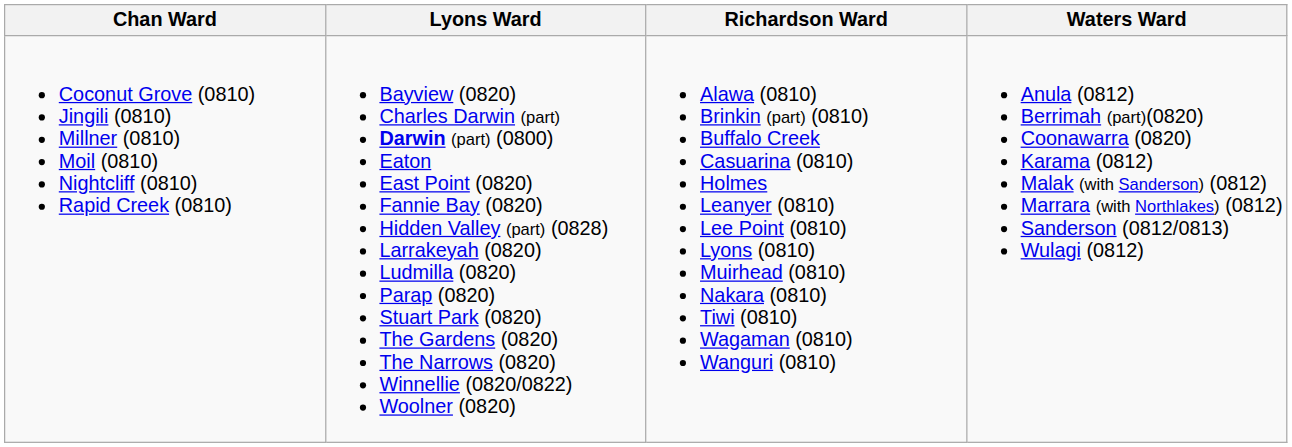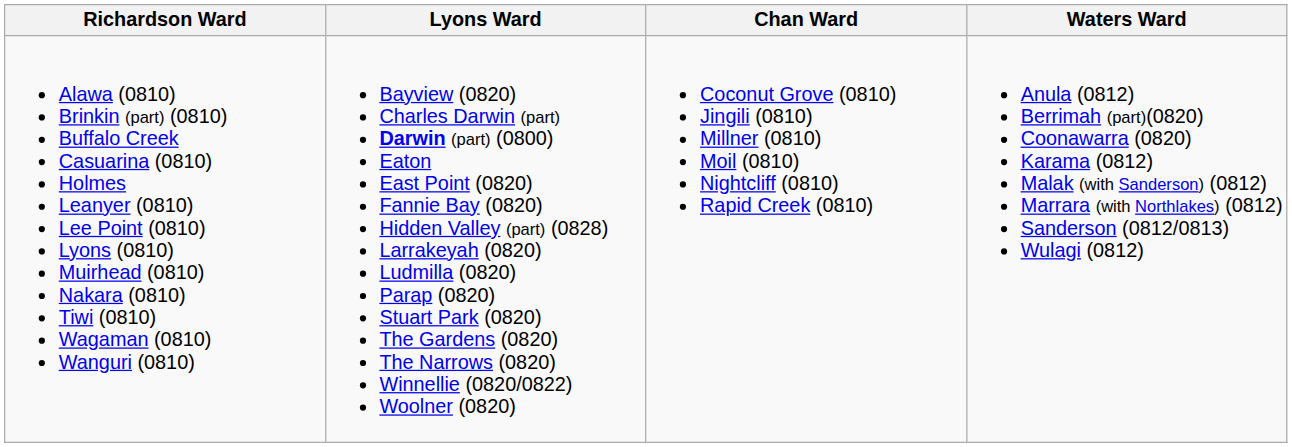 <table class=wikitable>
 <tr>
+<th>Richardson Ward</th>
+<th>Lyons Ward</th>
 <th>Chan Ward</th>
-<th>Lyons Ward</th>
-<th>Richardson Ward</th>
 <th>Waters Ward</th>
 </tr>
 <tr>
+<td width=25% valign=top><br><ul><li><a href='#'>Alawa</a>	(0810)</li><li><a href='#'>Brinkin</a> <small>(part)</small>	(0810)</li><li><a href='#'>Buffalo Creek</a></li><li><a href='#'>Casuarina</a>	(0810)</li><li><a href='#'>Holmes</a></li><li><a href='#'>Leanyer</a>	(0810)</li><li><a href='#'>Lee Point</a>	(0810)</li><li><a href='#'>Lyons</a>	(0810)</li><li><a href='#'>Muirhead</a>	(0810)</li><li><a href='#'>Nakara</a>	(0810)</li><li><a href='#'>Tiwi</a>	(0810)</li><li><a href='#'>Wagaman</a>	(0810)</li><li><a href='#'>Wanguri</a>	(0810)</li></ul></td>
+<td width=25% valign=top><br><ul><li><a href='#'>Bayview</a>	(0820)</li><li><a href='#'>Charles Darwin</a> <small>(part)</small></li><li><strong><a href='#'>Darwin</a></strong> <small>(part)</small>	(0800)</li><li><a href='#'>Eaton</a></li><li><a href='#'>East Point</a>	(0820)</li><li><a href='#'>Fannie Bay</a>	(0820)</li><li><a href='#'>Hidden Valley</a> <small>(part)</small>	(0828)</li><li><a href='#'>Larrakeyah</a>	(0820)</li><li><a href='#'>Ludmilla</a>	(0820)</li><li><a href='#'>Parap</a>	(0820)</li><li><a href='#'>Stuart Park</a>	(0820)</li><li><a href='#'>The Gardens</a>	(0820)</li><li><a href='#'>The Narrows</a>	(0820)</li><li><a href='#'>Winnellie</a>	(0820/0822)</li><li><a href='#'>Woolner</a>	(0820)</li></ul></td>
 <td width=25% valign=top><br><ul><li><a href='#'>Coconut Grove</a>	(0810)</li><li><a href='#'>Jingili</a>	(0810)</li><li><a href='#'>Millner</a>	(0810)</li><li><a href='#'>Moil</a>	(0810)</li><li><a href='#'>Nightcliff</a>	(0810)</li><li><a href='#'>Rapid Creek</a>	(0810)</li></ul></td>
-<td width=25% valign=top><br><ul><li><a href='#'>Bayview</a>	(0820)</li><li><a href='#'>Charles Darwin</a> <small>(part)</small></li><li><strong><a href='#'>Darwin</a></strong> <small>(part)</small>	(0800)</li><li><a href='#'>Eaton</a></li><li><a href='#'>East Point</a>	(0820)</li><li><a href='#'>Fannie Bay</a>	(0820)</li><li><a href='#'>Hidden Valley</a> <small>(part)</small>	(0828)</li><li><a href='#'>Larrakeyah</a>	(0820)</li><li><a href='#'>Ludmilla</a>	(0820)</li><li><a href='#'>Parap</a>	(0820)</li><li><a href='#'>Stuart Park</a>	(0820)</li><li><a href='#'>The Gardens</a>	(0820)</li><li><a href='#'>The Narrows</a>	(0820)</li><li><a href='#'>Winnellie</a>	(0820/0822)</li><li><a href='#'>Woolner</a>	(0820)</li></ul></td>
-<td width=25% valign=top><br><ul><li><a href='#'>Alawa</a>	(0810)</li><li><a href='#'>Brinkin</a> <small>(part)</small>	(0810)</li><li><a href='#'>Buffalo Creek</a></li><li><a href='#'>Casuarina</a>	(0810)</li><li><a href='#'>Holmes</a></li><li><a href='#'>Leanyer</a>	(0810)</li><li><a href='#'>Lee Point</a>	(0810)</li><li><a href='#'>Lyons</a>	(0810)</li><li><a href='#'>Muirhead</a>	(0810)</li><li><a href='#'>Nakara</a>	(0810)</li><li><a href='#'>Tiwi</a>	(0810)</li><li><a href='#'>Wagaman</a>	(0810)</li><li><a href='#'>Wanguri</a>	(0810)</li></ul></td>
 <td width=25% valign=top><br><ul><li><a href='#'>Anula</a>	(0812)</li><li><a href='#'>Berrimah</a>	<small>(part)</small>(0820)</li><li><a href='#'>Coonawarra</a>	(0820)</li><li><a href='#'>Karama</a>	(0812)</li><li><a href='#'>Malak</a> <small>(with <a href='#'>Sanderson</a>)</small>	(0812)</li><li><a href='#'>Marrara</a> <small>(with <a href='#'>Northlakes</a>)</small>	(0812)</li><li><a href='#'>Sanderson</a>	(0812/0813)</li><li><a href='#'>Wulagi</a>	(0812)</li></ul></td>
 </tr>
 </table>
